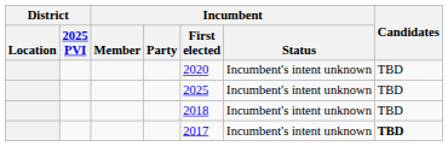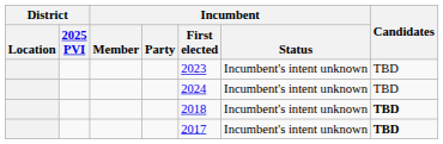 <table class="wikitable sortable">
 <tr>
 <th colspan=2>District</th>
 <th colspan=4>Incumbent</th>
 <th rowspan=2 class="unsortable">Candidates</th>
 </tr>
 <tr valign=bottom>
 <th>Location</th>
 <th><a href='#'>2025<br>PVI</a></th>
 <th>Member</th>
 <th>Party</th>
 <th>First<br>elected</th>
 <th>Status</th>
 </tr>
 <tr>
 <th></th>
 <td></td>
 <td></td>
 <td></td>
-<td><a href='#'>2020</a></td>
+<td><a href='#'>2023</a></td>
 <td>Incumbent's intent unknown</td>
 <td>TBD</td>
 </tr>
 <tr>
 <th></th>
 <td></td>
 <td></td>
 <td></td>
-<td><a href='#'>2025</a></td>
+<td><a href='#'>2024</a></td>
 <td>Incumbent's intent unknown</td>
 <td>TBD</td>
 </tr>
 <tr>
 <th></th>
 <td></td>
 <td></td>
 <td></td>
 <td><a href='#'>2018</a></td>
 <td>Incumbent's intent unknown</td>
-<td>TBD</td>
+<td><strong>TBD</strong></td>
 </tr>
 <tr>
 <th></th>
 <td></td>
 <td></td>
 <td></td>
 <td><a href='#'>2017 </a></td>
 <td>Incumbent's intent unknown</td>
 <td><strong>TBD</strong></td>
 </tr>
 </table>
